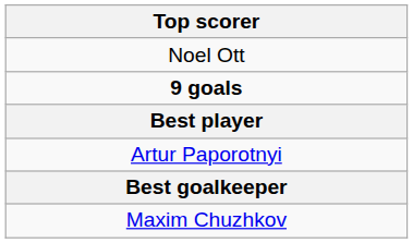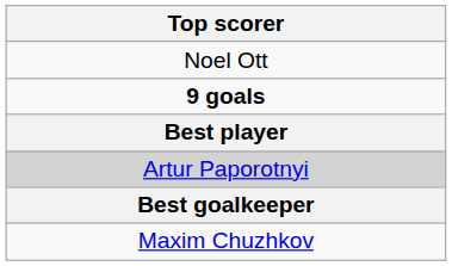 <table class="wikitable" style="margin: 1em auto 1em auto;">
 <tr>
 <th width=300>Top scorer</th>
 </tr>
 <tr align=center style="background:">
 <td style="text-align:center;"> Noel Ott</td>
 </tr>
 <tr>
 <td style="text-align:center;"><strong>9 goals</strong></td>
 </tr>
 <tr>
 <th>Best player</th>
 </tr>
 <tr>
-<td style="text-align:center;"> <a href='#'>Artur Paporotnyi</a></td>
+<td style="background: lightgrey; text-align:center;"> <a href='#'>Artur Paporotnyi</a></td>
 </tr>
 <tr>
 <th>Best goalkeeper</th>
 </tr>
 <tr>
 <td style="text-align:center;"> <a href='#'>Maxim Chuzhkov</a></td>
 </tr>
 </table>
